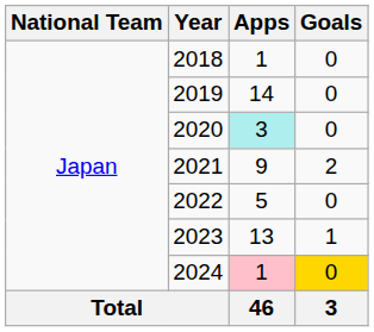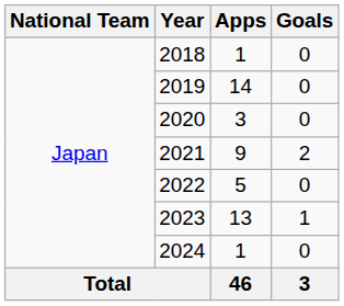 <table class="wikitable" style="text-align:center">
 <tr>
 <th>National Team</th>
 <th>Year</th>
 <th>Apps</th>
 <th>Goals</th>
 </tr>
 <tr>
 <td rowspan="7"><a href='#'>Japan</a></td>
 <td>2018</td>
 <td>1</td>
 <td>0</td>
 </tr>
 <tr>
 <td>2019</td>
 <td>14</td>
 <td>0</td>
 </tr>
 <tr>
 <td>2020</td>
-<td style="background: paleturquoise;">3</td>
+<td>3</td>
 <td>0</td>
 </tr>
 <tr>
 <td>2021</td>
 <td>9</td>
 <td>2</td>
 </tr>
 <tr>
 <td>2022</td>
 <td>5</td>
 <td>0</td>
 </tr>
 <tr>
 <td>2023</td>
 <td>13</td>
 <td>1</td>
 </tr>
 <tr>
 <td>2024</td>
-<td style="background: pink;">1</td>
-<td style="background: gold;">0</td>
+<td>1</td>
+<td>0</td>
 </tr>
 <tr>
 <th colspan="2">Total</th>
 <th>46</th>
 <th>3</th>
 </tr>
 </table>
